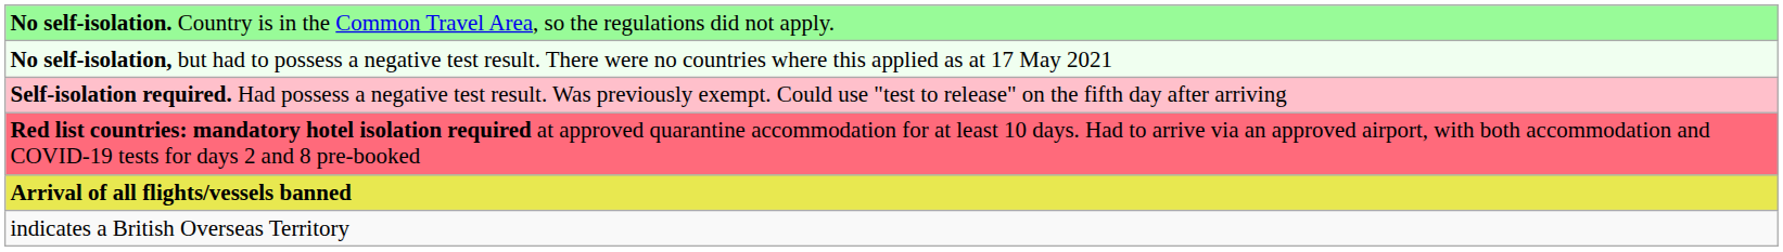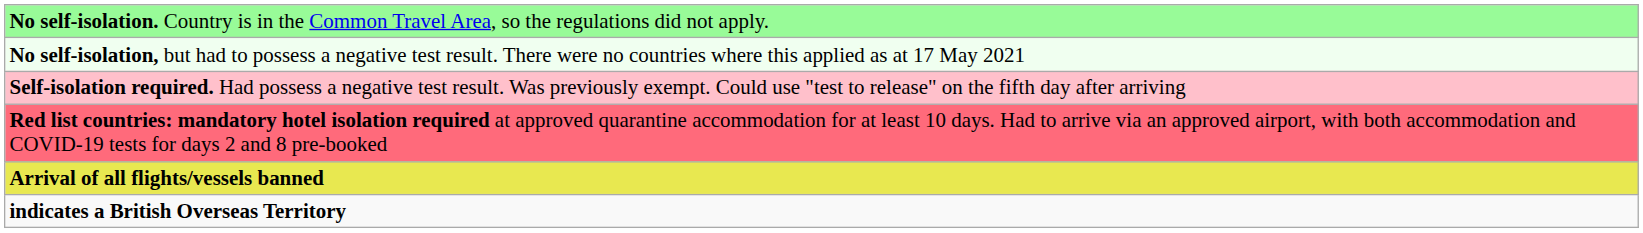 <table class="wikitable">
 <tr style="background: #98FB98; ">
 <td><strong>No self-isolation.</strong> Country is in the <a href='#'>Common Travel Area</a>, so the regulations did not apply.</td>
 </tr>
 <tr style="background: #F0FFF0; ">
 <td><strong>No self-isolation,</strong> but had to possess a negative test result. There were no countries where this applied as at 17 May 2021</td>
 </tr>
 <tr style="background: #FFC0CB; ">
 <td><strong>Self-isolation required.</strong> Had possess a negative test result. Was previously exempt. Could use "test to release" on the fifth day after arriving</td>
 </tr>
 <tr style="background: #FF6A7B;">
 <td><strong>Red list countries: mandatory hotel isolation required</strong> at approved quarantine accommodation for at least 10 days. Had to arrive via an approved airport, with both accommodation and COVID-19 tests for days 2 and 8 pre-booked</td>
 </tr>
 <tr style="background:#E8E850; " |>
 <td><strong>Arrival of all flights/vessels banned</strong></td>
 </tr>
 <tr>
-<td> indicates a British Overseas Territory</td>
+<td><strong> indicates a British Overseas Territory</strong></td>
 </tr>
 </table>
